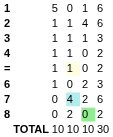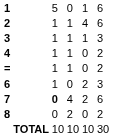 <table>
 <tr>
 <td><strong>1</strong></td>
 <td></td>
 <td>5</td>
 <td>0</td>
 <td>1</td>
 <td>6</td>
 </tr>
 <tr>
 <td><strong>2</strong></td>
 <td></td>
 <td>1</td>
 <td>1</td>
 <td>4</td>
 <td>6</td>
 </tr>
 <tr>
 <td><strong>3</strong></td>
 <td></td>
 <td>1</td>
 <td>1</td>
 <td>1</td>
 <td>3</td>
 </tr>
 <tr>
 <td><strong>4</strong></td>
 <td></td>
 <td>1</td>
 <td>1</td>
 <td>0</td>
 <td>2</td>
 </tr>
 <tr>
 <td><strong>=</strong></td>
 <td></td>
 <td>1</td>
-<td style="background: lightyellow;">1</td>
+<td>1</td>
 <td>0</td>
 <td>2</td>
 </tr>
 <tr>
 <td><strong>6</strong></td>
 <td></td>
 <td>1</td>
 <td>0</td>
 <td>2</td>
 <td>3</td>
 </tr>
 <tr>
 <td><strong>7</strong></td>
 <td></td>
-<td>0</td>
-<td style="background: paleturquoise;">4</td>
+<td><strong>0</strong></td>
+<td>4</td>
 <td>2</td>
 <td>6</td>
 </tr>
 <tr>
 <td><strong>8</strong></td>
 <td></td>
 <td>0</td>
 <td>2</td>
-<td style="background: lightgreen;">0</td>
+<td>0</td>
 <td>2</td>
 </tr>
 <tr>
 <td></td>
 <td><strong>TOTAL</strong></td>
 <td>10</td>
 <td>10</td>
 <td>10</td>
 <td>30</td>
 </tr>
 </table>
